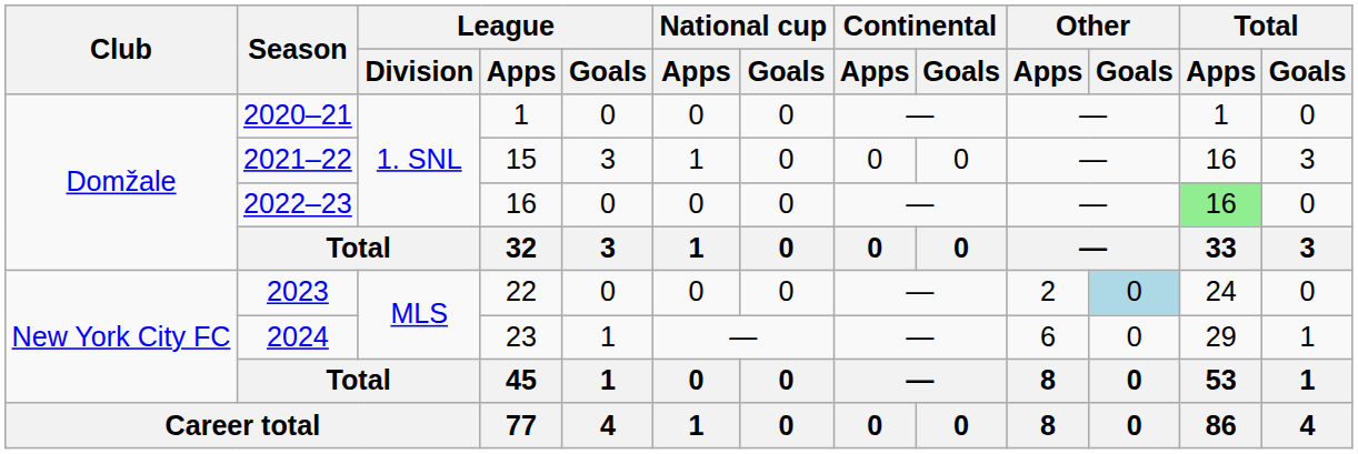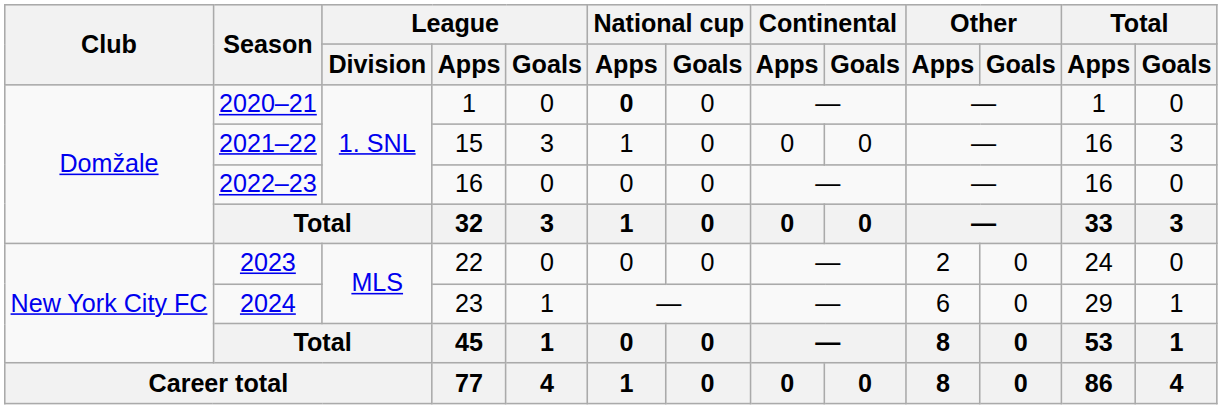 <table class="wikitable" style="text-align: center">
 <tr>
 <th rowspan="2">Club</th>
 <th rowspan="2">Season</th>
 <th colspan="3">League</th>
 <th colspan="2">National cup</th>
 <th colspan="2">Continental</th>
 <th colspan="2">Other</th>
 <th colspan="2">Total</th>
 </tr>
 <tr>
 <th>Division</th>
 <th>Apps</th>
 <th>Goals</th>
 <th>Apps</th>
 <th>Goals</th>
 <th>Apps</th>
 <th>Goals</th>
 <th>Apps</th>
 <th>Goals</th>
 <th>Apps</th>
 <th>Goals</th>
 </tr>
 <tr>
 <td rowspan="4"><a href='#'>Domžale</a></td>
 <td><a href='#'>2020–21</a></td>
 <td rowspan="3"><a href='#'>1. SNL</a></td>
 <td>1</td>
 <td>0</td>
-<td>0</td>
+<td><strong>0</strong></td>
 <td>0</td>
 <td colspan=2>—</td>
 <td colspan=2>—</td>
 <td>1</td>
 <td>0</td>
 </tr>
 <tr>
 <td><a href='#'>2021–22</a></td>
 <td>15</td>
 <td>3</td>
 <td>1</td>
 <td>0</td>
 <td>0</td>
 <td>0</td>
 <td colspan=2>—</td>
 <td>16</td>
 <td>3</td>
 </tr>
 <tr>
 <td><a href='#'>2022–23</a></td>
 <td>16</td>
 <td>0</td>
 <td>0</td>
 <td>0</td>
 <td colspan=2>—</td>
 <td colspan=2>—</td>
-<td style="background: lightgreen;">16</td>
+<td>16</td>
 <td>0</td>
 </tr>
 <tr>
 <th colspan="2">Total</th>
 <th>32</th>
 <th>3</th>
 <th>1</th>
 <th>0</th>
 <th>0</th>
 <th>0</th>
 <th colspan=2>—</th>
 <th>33</th>
 <th>3</th>
 </tr>
 <tr>
 <td rowspan="3"><a href='#'>New York City FC</a></td>
 <td><a href='#'>2023</a></td>
 <td rowspan="2"><a href='#'>MLS</a></td>
 <td>22</td>
 <td>0</td>
 <td>0</td>
 <td>0</td>
 <td colspan=2>—</td>
 <td>2</td>
-<td style="background: lightblue;">0</td>
+<td>0</td>
 <td>24</td>
 <td>0</td>
 </tr>
 <tr>
 <td><a href='#'>2024</a></td>
 <td>23</td>
 <td>1</td>
 <td colspan=2>—</td>
 <td colspan=2>—</td>
 <td>6</td>
 <td>0</td>
 <td>29</td>
 <td>1</td>
 </tr>
 <tr>
 <th colspan="2">Total</th>
 <th>45</th>
 <th>1</th>
 <th>0</th>
 <th>0</th>
 <th colspan=2>—</th>
 <th>8</th>
 <th>0</th>
 <th>53</th>
 <th>1</th>
 </tr>
 <tr>
 <th colspan=3>Career total</th>
 <th>77</th>
 <th>4</th>
 <th>1</th>
 <th>0</th>
 <th>0</th>
 <th>0</th>
 <th>8</th>
 <th>0</th>
 <th>86</th>
 <th>4</th>
 </tr>
 </table>
